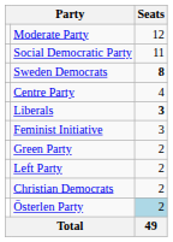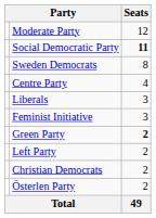 <table class="wikitable">
 <tr>
 <th colspan=2>Party</th>
 <th>Seats</th>
 </tr>
 <tr>
 <td bgcolor=></td>
 <td><a href='#'>Moderate Party</a></td>
 <td align=right>12</td>
 </tr>
 <tr>
 <td bgcolor=></td>
 <td><a href='#'>Social Democratic Party</a></td>
-<td align=right>11</td>
+<td align=right><strong>11</strong></td>
 </tr>
 <tr>
 <td bgcolor=></td>
 <td><a href='#'>Sweden Democrats</a></td>
-<td align=right><strong>8</strong></td>
+<td align=right>8</td>
 </tr>
 <tr>
 <td bgcolor=></td>
 <td><a href='#'>Centre Party</a></td>
 <td align=right>4</td>
 </tr>
 <tr>
 <td bgcolor=></td>
 <td><a href='#'>Liberals</a></td>
-<td align=right><strong>3</strong></td>
+<td align=right>3</td>
 </tr>
 <tr>
 <td bgcolor=></td>
 <td><a href='#'>Feminist Initiative</a></td>
 <td align=right>3</td>
 </tr>
 <tr>
 <td bgcolor=></td>
 <td><a href='#'>Green Party</a></td>
-<td align=right>2</td>
+<td align=right><strong>2</strong></td>
 </tr>
 <tr>
 <td bgcolor=></td>
 <td><a href='#'>Left Party</a></td>
 <td align=right>2</td>
 </tr>
 <tr>
 <td bgcolor=></td>
 <td><a href='#'>Christian Democrats</a></td>
 <td align=right>2</td>
 </tr>
 <tr>
 <td bgcolor=white></td>
 <td><a href='#'>Österlen Party</a></td>
-<td align=right style="background: lightblue;">2</td>
+<td align=right>2</td>
 </tr>
 <tr>
 <th colspan=2>Total</th>
 <th>49</th>
 </tr>
 </table>
